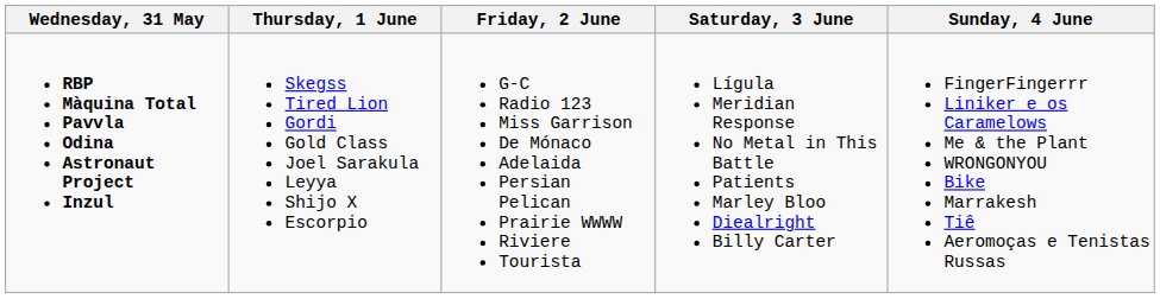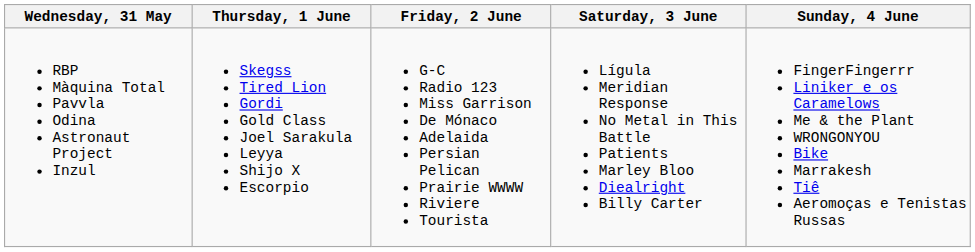 <table class="wikitable">
 <tr>
 <th width="500">Wednesday, 31 May</th>
 <th width="500">Thursday, 1 June</th>
 <th width="500">Friday, 2 June</th>
 <th width="500">Saturday, 3 June</th>
 <th width="500">Sunday, 4 June</th>
 </tr>
 <tr valign="top">
-<td><strong><br><ul><li>RBP</li><li>Màquina Total</li><li>Pavvla</li><li>Odina</li><li>Astronaut Project</li><li>Inzul</li></ul></strong></td>
+<td><br><ul><li>RBP</li><li>Màquina Total</li><li>Pavvla</li><li>Odina</li><li>Astronaut Project</li><li>Inzul</li></ul></td>
 <td><br><ul><li><a href='#'>Skegss</a></li><li><a href='#'>Tired Lion</a></li><li><a href='#'>Gordi</a></li><li>Gold Class</li><li>Joel Sarakula</li><li>Leyya</li><li>Shijo X</li><li>Escorpio</li></ul></td>
 <td><br><ul><li>G-C</li><li>Radio 123</li><li>Miss Garrison</li><li>De Mónaco</li><li>Adelaida</li><li>Persian Pelican</li><li>Prairie WWWW</li><li>Riviere</li><li>Tourista</li></ul></td>
 <td><br><ul><li>Lígula</li><li>Meridian Response</li><li>No Metal in This Battle</li><li>Patients</li><li>Marley Bloo</li><li><a href='#'>Diealright</a></li><li>Billy Carter</li></ul></td>
 <td><br><ul><li>FingerFingerrr</li><li><a href='#'>Liniker e os Caramelows</a></li><li>Me & the Plant</li><li>WRONGONYOU</li><li><a href='#'>Bike</a></li><li>Marrakesh</li><li><a href='#'>Tiê</a></li><li>Aeromoças e Tenistas Russas</li></ul></td>
 </tr>
 </table>
